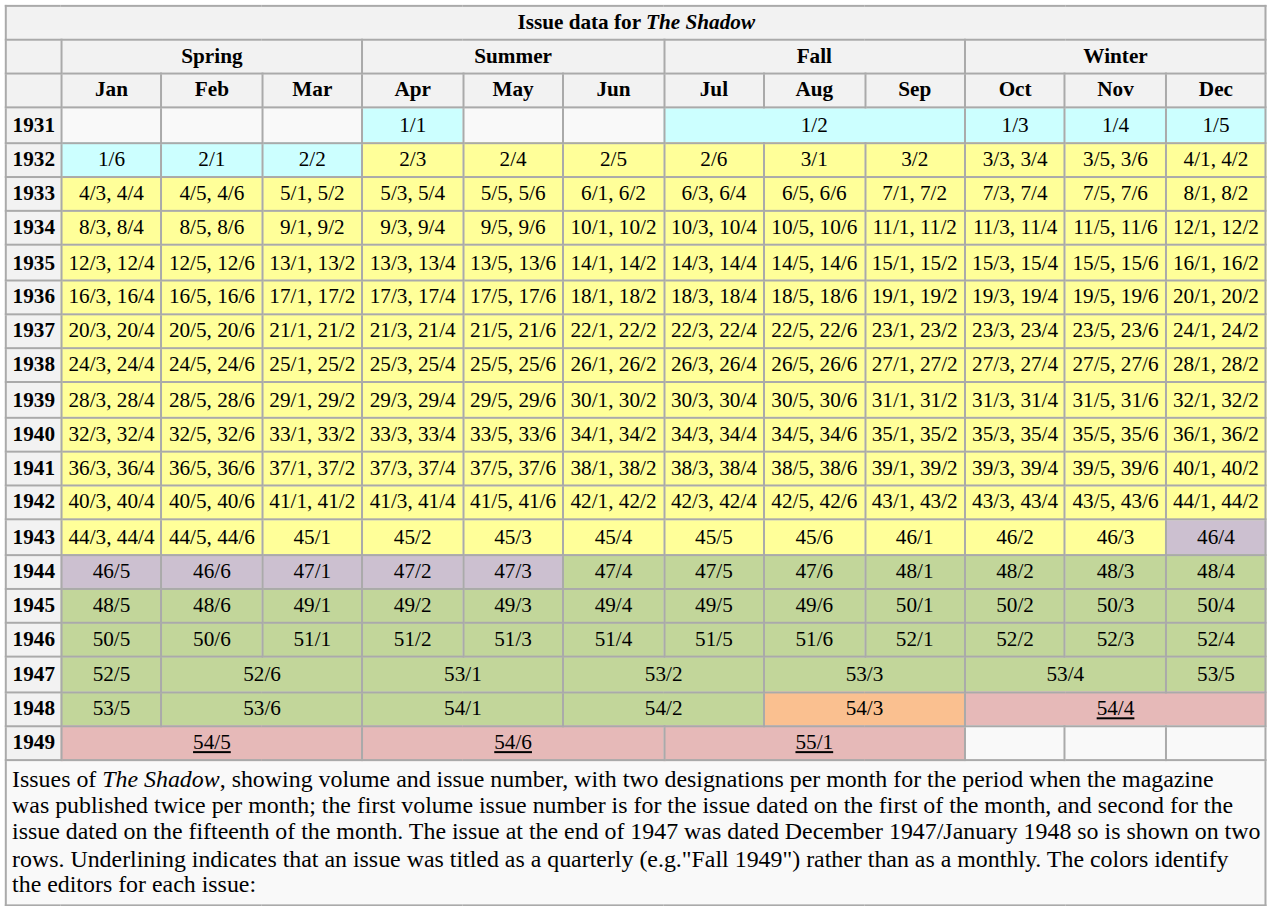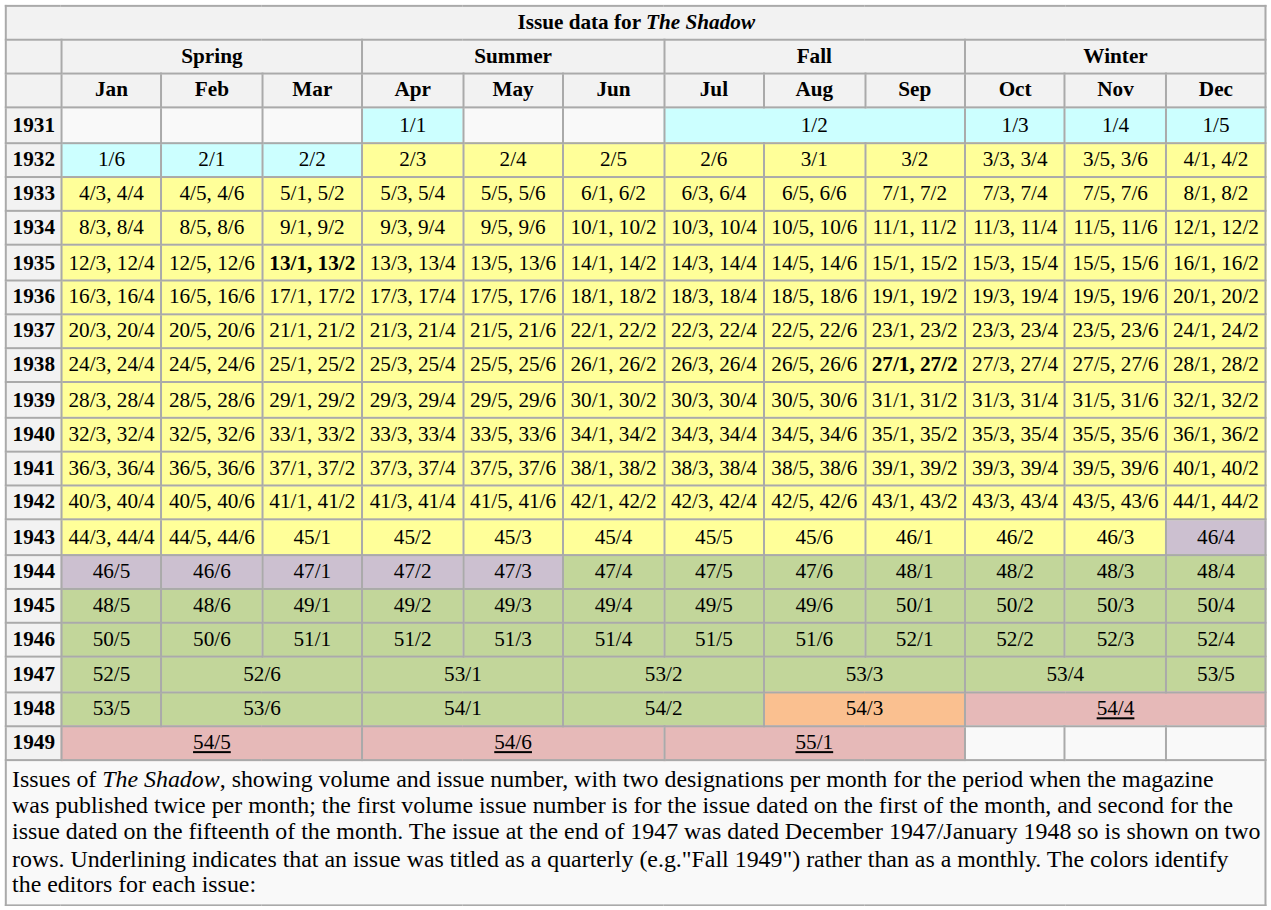 <table class="wikitable collapsible" style="font-size: 8pt; line-height: 9pt; margin-left: 2em; text-align: center; float: right">
 <tr>
 <th colspan="13">Issue data for <em>The Shadow</em></th>
 </tr>
 <tr>
 <th></th>
 <th colspan="3">Spring</th>
 <th colspan="3">Summer</th>
 <th colspan="3">Fall</th>
 <th colspan="3">Winter</th>
 </tr>
 <tr>
 <th></th>
 <th>Jan</th>
 <th>Feb</th>
 <th>Mar</th>
 <th>Apr</th>
 <th>May</th>
 <th>Jun</th>
 <th>Jul</th>
 <th>Aug</th>
 <th>Sep</th>
 <th>Oct</th>
 <th>Nov</th>
 <th>Dec</th>
 </tr>
 <tr>
 <th>1931</th>
 <td></td>
 <td></td>
 <td></td>
 <td bgcolor=#ccffff>1/1</td>
 <td></td>
 <td></td>
 <td bgcolor=#ccffff colspan="3">1/2</td>
 <td bgcolor=#ccffff>1/3</td>
 <td bgcolor=#ccffff>1/4</td>
 <td bgcolor=#ccffff>1/5</td>
 </tr>
 <tr>
 <th>1932</th>
 <td bgcolor=#ccffff>1/6</td>
 <td bgcolor=#ccffff>2/1</td>
 <td bgcolor=#ccffff>2/2</td>
 <td bgcolor=#ffff99>2/3</td>
 <td bgcolor=#ffff99>2/4</td>
 <td bgcolor=#ffff99>2/5</td>
 <td bgcolor=#ffff99>2/6</td>
 <td bgcolor=#ffff99>3/1</td>
 <td bgcolor=#ffff99>3/2</td>
 <td bgcolor=#ffff99>3/3, 3/4</td>
 <td bgcolor=#ffff99>3/5, 3/6</td>
 <td bgcolor=#ffff99>4/1, 4/2</td>
 </tr>
 <tr>
 <th>1933</th>
 <td bgcolor=#ffff99>4/3, 4/4</td>
 <td bgcolor=#ffff99>4/5, 4/6</td>
 <td bgcolor=#ffff99>5/1, 5/2</td>
 <td bgcolor=#ffff99>5/3, 5/4</td>
 <td bgcolor=#ffff99>5/5, 5/6</td>
 <td bgcolor=#ffff99>6/1, 6/2</td>
 <td bgcolor=#ffff99>6/3, 6/4</td>
 <td bgcolor=#ffff99>6/5, 6/6</td>
 <td bgcolor=#ffff99>7/1, 7/2</td>
 <td bgcolor=#ffff99>7/3, 7/4</td>
 <td bgcolor=#ffff99>7/5, 7/6</td>
 <td bgcolor=#ffff99>8/1, 8/2</td>
 </tr>
 <tr>
 <th>1934</th>
 <td bgcolor=#ffff99>8/3, 8/4</td>
 <td bgcolor=#ffff99>8/5, 8/6</td>
 <td bgcolor=#ffff99>9/1, 9/2</td>
 <td bgcolor=#ffff99>9/3, 9/4</td>
 <td bgcolor=#ffff99>9/5, 9/6</td>
 <td bgcolor=#ffff99>10/1, 10/2</td>
 <td bgcolor=#ffff99>10/3, 10/4</td>
 <td bgcolor=#ffff99>10/5, 10/6</td>
 <td bgcolor=#ffff99>11/1, 11/2</td>
 <td bgcolor=#ffff99>11/3, 11/4</td>
 <td bgcolor=#ffff99>11/5, 11/6</td>
 <td bgcolor=#ffff99>12/1, 12/2</td>
 </tr>
 <tr>
 <th>1935</th>
 <td bgcolor=#ffff99>12/3, 12/4</td>
 <td bgcolor=#ffff99>12/5, 12/6</td>
-<td bgcolor=#ffff99>13/1, 13/2</td>
+<td bgcolor=#ffff99><strong>13/1, 13/2</strong></td>
 <td bgcolor=#ffff99>13/3, 13/4</td>
 <td bgcolor=#ffff99>13/5, 13/6</td>
 <td bgcolor=#ffff99>14/1, 14/2</td>
 <td bgcolor=#ffff99>14/3, 14/4</td>
 <td bgcolor=#ffff99>14/5, 14/6</td>
 <td bgcolor=#ffff99>15/1, 15/2</td>
 <td bgcolor=#ffff99>15/3, 15/4</td>
 <td bgcolor=#ffff99>15/5, 15/6</td>
 <td bgcolor=#ffff99>16/1, 16/2</td>
 </tr>
 <tr>
 <th>1936</th>
 <td bgcolor=#ffff99>16/3, 16/4</td>
 <td bgcolor=#ffff99>16/5, 16/6</td>
 <td bgcolor=#ffff99>17/1, 17/2</td>
 <td bgcolor=#ffff99>17/3, 17/4</td>
 <td bgcolor=#ffff99>17/5, 17/6</td>
 <td bgcolor=#ffff99>18/1, 18/2</td>
 <td bgcolor=#ffff99>18/3, 18/4</td>
 <td bgcolor=#ffff99>18/5, 18/6</td>
 <td bgcolor=#ffff99>19/1, 19/2</td>
 <td bgcolor=#ffff99>19/3, 19/4</td>
 <td bgcolor=#ffff99>19/5, 19/6</td>
 <td bgcolor=#ffff99>20/1, 20/2</td>
 </tr>
 <tr>
 <th>1937</th>
 <td bgcolor=#ffff99>20/3, 20/4</td>
 <td bgcolor=#ffff99>20/5, 20/6</td>
 <td bgcolor=#ffff99>21/1, 21/2</td>
 <td bgcolor=#ffff99>21/3, 21/4</td>
 <td bgcolor=#ffff99>21/5, 21/6</td>
 <td bgcolor=#ffff99>22/1, 22/2</td>
 <td bgcolor=#ffff99>22/3, 22/4</td>
 <td bgcolor=#ffff99>22/5, 22/6</td>
 <td bgcolor=#ffff99>23/1, 23/2</td>
 <td bgcolor=#ffff99>23/3, 23/4</td>
 <td bgcolor=#ffff99>23/5, 23/6</td>
 <td bgcolor=#ffff99>24/1, 24/2</td>
 </tr>
 <tr>
 <th>1938</th>
 <td bgcolor=#ffff99>24/3, 24/4</td>
 <td bgcolor=#ffff99>24/5, 24/6</td>
 <td bgcolor=#ffff99>25/1, 25/2</td>
 <td bgcolor=#ffff99>25/3, 25/4</td>
 <td bgcolor=#ffff99>25/5, 25/6</td>
 <td bgcolor=#ffff99>26/1, 26/2</td>
 <td bgcolor=#ffff99>26/3, 26/4</td>
 <td bgcolor=#ffff99>26/5, 26/6</td>
-<td bgcolor=#ffff99>27/1, 27/2</td>
+<td bgcolor=#ffff99><strong>27/1, 27/2</strong></td>
 <td bgcolor=#ffff99>27/3, 27/4</td>
 <td bgcolor=#ffff99>27/5, 27/6</td>
 <td bgcolor=#ffff99>28/1, 28/2</td>
 </tr>
 <tr>
 <th>1939</th>
 <td bgcolor=#ffff99>28/3, 28/4</td>
 <td bgcolor=#ffff99>28/5, 28/6</td>
 <td bgcolor=#ffff99>29/1, 29/2</td>
 <td bgcolor=#ffff99>29/3, 29/4</td>
 <td bgcolor=#ffff99>29/5, 29/6</td>
 <td bgcolor=#ffff99>30/1, 30/2</td>
 <td bgcolor=#ffff99>30/3, 30/4</td>
 <td bgcolor=#ffff99>30/5, 30/6</td>
 <td bgcolor=#ffff99>31/1, 31/2</td>
 <td bgcolor=#ffff99>31/3, 31/4</td>
 <td bgcolor=#ffff99>31/5, 31/6</td>
 <td bgcolor=#ffff99>32/1, 32/2</td>
 </tr>
 <tr>
 <th>1940</th>
 <td bgcolor=#ffff99>32/3, 32/4</td>
 <td bgcolor=#ffff99>32/5, 32/6</td>
 <td bgcolor=#ffff99>33/1, 33/2</td>
 <td bgcolor=#ffff99>33/3, 33/4</td>
 <td bgcolor=#ffff99>33/5, 33/6</td>
 <td bgcolor=#ffff99>34/1, 34/2</td>
 <td bgcolor=#ffff99>34/3, 34/4</td>
 <td bgcolor=#ffff99>34/5, 34/6</td>
 <td bgcolor=#ffff99>35/1, 35/2</td>
 <td bgcolor=#ffff99>35/3, 35/4</td>
 <td bgcolor=#ffff99>35/5, 35/6</td>
 <td bgcolor=#ffff99>36/1, 36/2</td>
 </tr>
 <tr>
 <th>1941</th>
 <td bgcolor=#ffff99>36/3, 36/4</td>
 <td bgcolor=#ffff99>36/5, 36/6</td>
 <td bgcolor=#ffff99>37/1, 37/2</td>
 <td bgcolor=#ffff99>37/3, 37/4</td>
 <td bgcolor=#ffff99>37/5, 37/6</td>
 <td bgcolor=#ffff99>38/1, 38/2</td>
 <td bgcolor=#ffff99>38/3, 38/4</td>
 <td bgcolor=#ffff99>38/5, 38/6</td>
 <td bgcolor=#ffff99>39/1, 39/2</td>
 <td bgcolor=#ffff99>39/3, 39/4</td>
 <td bgcolor=#ffff99>39/5, 39/6</td>
 <td bgcolor=#ffff99>40/1, 40/2</td>
 </tr>
 <tr>
 <th>1942</th>
 <td bgcolor=#ffff99>40/3, 40/4</td>
 <td bgcolor=#ffff99>40/5, 40/6</td>
 <td bgcolor=#ffff99>41/1, 41/2</td>
 <td bgcolor=#ffff99>41/3, 41/4</td>
 <td bgcolor=#ffff99>41/5, 41/6</td>
 <td bgcolor=#ffff99>42/1, 42/2</td>
 <td bgcolor=#ffff99>42/3, 42/4</td>
 <td bgcolor=#ffff99>42/5, 42/6</td>
 <td bgcolor=#ffff99>43/1, 43/2</td>
 <td bgcolor=#ffff99>43/3, 43/4</td>
 <td bgcolor=#ffff99>43/5, 43/6</td>
 <td bgcolor=#ffff99>44/1, 44/2</td>
 </tr>
 <tr>
 <th>1943</th>
 <td bgcolor=#ffff99>44/3, 44/4</td>
 <td bgcolor=#ffff99>44/5, 44/6</td>
 <td bgcolor=#ffff99>45/1</td>
 <td bgcolor=#ffff99>45/2</td>
 <td bgcolor=#ffff99>45/3</td>
 <td bgcolor=#ffff99>45/4</td>
 <td bgcolor=#ffff99>45/5</td>
 <td bgcolor=#ffff99>45/6</td>
 <td bgcolor=#ffff99>46/1</td>
 <td bgcolor=#ffff99>46/2</td>
 <td bgcolor=#ffff99>46/3</td>
 <td bgcolor=#ccc0d0>46/4</td>
 </tr>
 <tr>
 <th>1944</th>
 <td bgcolor=#ccc0d0>46/5</td>
 <td bgcolor=#ccc0d0>46/6</td>
 <td bgcolor=#ccc0d0>47/1</td>
 <td bgcolor=#ccc0d0>47/2</td>
 <td bgcolor=#ccc0d0>47/3</td>
 <td bgcolor=#c2d69a>47/4</td>
 <td bgcolor=#c2d69a>47/5</td>
 <td bgcolor=#c2d69a>47/6</td>
 <td bgcolor=#c2d69a>48/1</td>
 <td bgcolor=#c2d69a>48/2</td>
 <td bgcolor=#c2d69a>48/3</td>
 <td bgcolor=#c2d69a>48/4</td>
 </tr>
 <tr>
 <th>1945</th>
 <td bgcolor=#c2d69a>48/5</td>
 <td bgcolor=#c2d69a>48/6</td>
 <td bgcolor=#c2d69a>49/1</td>
 <td bgcolor=#c2d69a>49/2</td>
 <td bgcolor=#c2d69a>49/3</td>
 <td bgcolor=#c2d69a>49/4</td>
 <td bgcolor=#c2d69a>49/5</td>
 <td bgcolor=#c2d69a>49/6</td>
 <td bgcolor=#c2d69a>50/1</td>
 <td bgcolor=#c2d69a>50/2</td>
 <td bgcolor=#c2d69a>50/3</td>
 <td bgcolor=#c2d69a>50/4</td>
 </tr>
 <tr>
 <th>1946</th>
 <td bgcolor=#c2d69a>50/5</td>
 <td bgcolor=#c2d69a>50/6</td>
 <td bgcolor=#c2d69a>51/1</td>
 <td bgcolor=#c2d69a>51/2</td>
 <td bgcolor=#c2d69a>51/3</td>
 <td bgcolor=#c2d69a>51/4</td>
 <td bgcolor=#c2d69a>51/5</td>
 <td bgcolor=#c2d69a>51/6</td>
 <td bgcolor=#c2d69a>52/1</td>
 <td bgcolor=#c2d69a>52/2</td>
 <td bgcolor=#c2d69a>52/3</td>
 <td bgcolor=#c2d69a>52/4</td>
 </tr>
 <tr>
 <th>1947</th>
 <td bgcolor=#c2d69a>52/5</td>
 <td bgcolor=#c2d69a colspan="2">52/6</td>
 <td bgcolor=#c2d69a colspan="2">53/1</td>
 <td bgcolor=#c2d69a colspan="2">53/2</td>
 <td bgcolor=#c2d69a colspan="2">53/3</td>
 <td bgcolor=#c2d69a colspan="2">53/4</td>
 <td bgcolor=#c2d69a>53/5</td>
 </tr>
 <tr>
 <th>1948</th>
 <td bgcolor=#c2d69a>53/5</td>
 <td bgcolor=#c2d69a colspan="2">53/6</td>
 <td bgcolor=#c2d69a colspan="2">54/1</td>
 <td bgcolor=#c2d69a colspan="2">54/2</td>
 <td bgcolor=#fac090 colspan="2">54/3</td>
 <td bgcolor=#e6b9b8 colspan="3"><u>54/4</u></td>
 </tr>
 <tr>
 <th>1949</th>
 <td bgcolor=#e6b9b8 colspan="3"><u>54/5</u></td>
 <td bgcolor=#e6b9b8 colspan="3"><u>54/6</u></td>
 <td bgcolor=#e6b9b8 colspan="3"><u>55/1</u></td>
 <td></td>
 <td></td>
 <td></td>
 </tr>
 <tr>
 <td colspan="13" style="font-size: 9pt; text-align:left; line-height: 10pt;">Issues of <em>The Shadow</em>, showing volume and issue number, with two designations per month for the period when the magazine<br>was published twice per month; the first volume issue number is for the issue dated on the first of the month, and second for the<br>issue dated on the fifteenth of the month.  The issue at the end of 1947 was dated December 1947/January 1948 so is shown on two<br>rows.  Underlining indicates that an issue was titled as a quarterly (e.g."Fall 1949") rather than as a monthly.  The colors identify<br>the editors for each issue:<br>     </td>
 </tr>
 </table>
